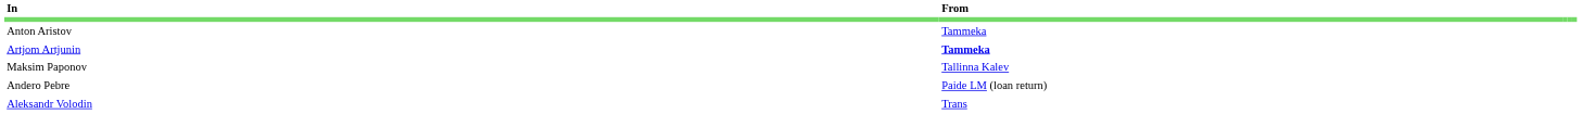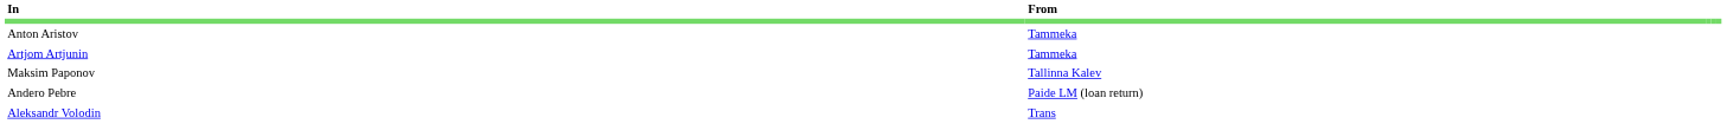 <table cellspacing="0" cellpadding="3" style="width:100%;font-size:90%">
 <tr>
 <td style="width:60%"><strong>In</strong></td>
 <td style="width:40%"><strong>From</strong></td>
 <td></td>
 </tr>
 <tr style="background-color:#73DA67;">
 <td></td>
 <td></td>
 <td></td>
 <td></td>
 <td></td>
 </tr>
 <tr>
 <td> Anton Aristov</td>
 <td> <a href='#'>Tammeka</a></td>
 </tr>
 <tr>
 <td> <a href='#'>Artjom Artjunin</a></td>
-<td><strong> <a href='#'>Tammeka</a></strong></td>
+<td> <a href='#'>Tammeka</a></td>
 </tr>
 <tr>
 <td> Maksim Paponov</td>
 <td> <a href='#'>Tallinna Kalev</a></td>
 </tr>
 <tr>
 <td> Andero Pebre</td>
 <td> <a href='#'>Paide LM</a> (loan return)</td>
 </tr>
 <tr>
 <td> <a href='#'>Aleksandr Volodin</a></td>
 <td> <a href='#'>Trans</a></td>
 </tr>
 </table>
